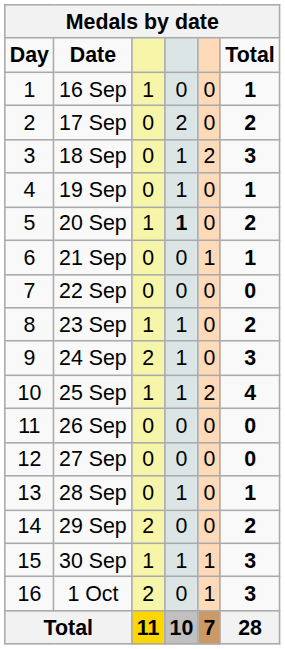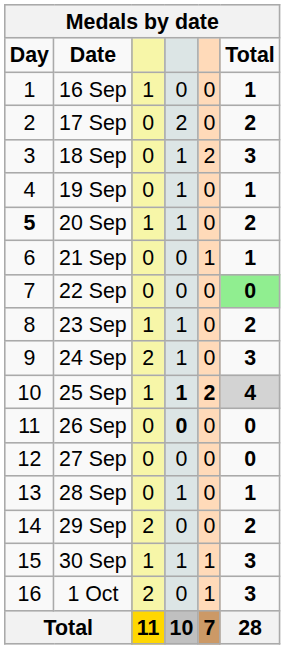 <table class="wikitable" style="font-size:85%; text-align:center;">
 <tr style="background:#efefef;">
 <th colspan=6><strong>Medals by date</strong></th>
 </tr>
 <tr>
 <td><strong>Day</strong></td>
 <td><strong>Date</strong></td>
 <td style="background:#F7F6A8;"></td>
 <td style="background:#DCE5E5;"></td>
 <td style="background:#FFDAB9;"></td>
 <td><strong>Total</strong></td>
 </tr>
 <tr>
 <td>1</td>
 <td>16 Sep</td>
 <td style="background:#F7F6A8;">1</td>
 <td style="background:#DCE5E5;">0</td>
 <td style="background:#FFDAB9;">0</td>
 <td><strong>1</strong></td>
 </tr>
 <tr>
 <td>2</td>
 <td>17 Sep</td>
 <td style="background:#F7F6A8;">0</td>
 <td style="background:#DCE5E5;">2</td>
 <td style="background:#FFDAB9;">0</td>
 <td><strong>2</strong></td>
 </tr>
 <tr>
 <td>3</td>
 <td>18 Sep</td>
 <td style="background:#F7F6A8;">0</td>
 <td style="background:#DCE5E5;">1</td>
 <td style="background:#FFDAB9;">2</td>
 <td><strong>3</strong></td>
 </tr>
 <tr>
 <td>4</td>
 <td>19 Sep</td>
 <td style="background:#F7F6A8;">0</td>
 <td style="background:#DCE5E5;">1</td>
 <td style="background:#FFDAB9;">0</td>
 <td><strong>1</strong></td>
 </tr>
 <tr>
-<td>5</td>
+<td><strong>5</strong></td>
 <td>20 Sep</td>
 <td style="background:#F7F6A8;">1</td>
-<td style="background:#DCE5E5;"><strong>1</strong></td>
+<td style="background:#DCE5E5;">1</td>
 <td style="background:#FFDAB9;">0</td>
 <td><strong>2</strong></td>
 </tr>
 <tr>
 <td>6</td>
 <td>21 Sep</td>
 <td style="background:#F7F6A8;">0</td>
 <td style="background:#DCE5E5;">0</td>
 <td style="background:#FFDAB9;">1</td>
 <td><strong>1</strong></td>
 </tr>
 <tr>
 <td>7</td>
 <td>22 Sep</td>
 <td style="background:#F7F6A8;">0</td>
 <td style="background:#DCE5E5;">0</td>
 <td style="background:#FFDAB9;">0</td>
-<td><strong>0</strong></td>
+<td style="background: lightgreen;"><strong>0</strong></td>
 </tr>
 <tr>
 <td>8</td>
 <td>23 Sep</td>
 <td style="background:#F7F6A8;">1</td>
 <td style="background:#DCE5E5;">1</td>
 <td style="background:#FFDAB9;">0</td>
 <td><strong>2</strong></td>
 </tr>
 <tr>
 <td>9</td>
 <td>24 Sep</td>
 <td style="background:#F7F6A8;">2</td>
 <td style="background:#DCE5E5;">1</td>
 <td style="background:#FFDAB9;">0</td>
 <td><strong>3</strong></td>
 </tr>
 <tr>
 <td>10</td>
 <td>25 Sep</td>
 <td style="background:#F7F6A8;">1</td>
-<td style="background:#DCE5E5;">1</td>
-<td style="background:#FFDAB9;">2</td>
-<td><strong>4</strong></td>
+<td style="background:#DCE5E5;"><strong>1</strong></td>
+<td style="background:#FFDAB9;"><strong>2</strong></td>
+<td style="background: lightgrey;"><strong>4</strong></td>
 </tr>
 <tr>
 <td>11</td>
 <td>26 Sep</td>
 <td style="background:#F7F6A8;">0</td>
-<td style="background:#DCE5E5;">0</td>
+<td style="background:#DCE5E5;"><strong>0</strong></td>
 <td style="background:#FFDAB9;">0</td>
 <td><strong>0</strong></td>
 </tr>
 <tr>
 <td>12</td>
 <td>27 Sep</td>
 <td style="background:#F7F6A8;">0</td>
 <td style="background:#DCE5E5;">0</td>
 <td style="background:#FFDAB9;">0</td>
 <td><strong>0</strong></td>
 </tr>
 <tr>
 <td>13</td>
 <td>28 Sep</td>
 <td style="background:#F7F6A8;">0</td>
 <td style="background:#DCE5E5;">1</td>
 <td style="background:#FFDAB9;">0</td>
 <td><strong>1</strong></td>
 </tr>
 <tr>
 <td>14</td>
 <td>29 Sep</td>
 <td style="background:#F7F6A8;">2</td>
 <td style="background:#DCE5E5;">0</td>
 <td style="background:#FFDAB9;">0</td>
 <td><strong>2</strong></td>
 </tr>
 <tr>
 <td>15</td>
 <td>30 Sep</td>
 <td style="background:#F7F6A8;">1</td>
 <td style="background:#DCE5E5;">1</td>
 <td style="background:#FFDAB9;">1</td>
 <td><strong>3</strong></td>
 </tr>
 <tr>
 <td>16</td>
 <td>1 Oct</td>
 <td style="background:#F7F6A8;">2</td>
 <td style="background:#DCE5E5;">0</td>
 <td style="background:#FFDAB9;">1</td>
 <td><strong>3</strong></td>
 </tr>
 <tr>
 <th colspan="2"><strong>Total</strong></th>
 <th style="background:gold;"><strong>11</strong></th>
 <th style="background:silver;"><strong>10</strong></th>
 <th style="background:#c96;"><strong>7</strong></th>
 <th><strong>28</strong></th>
 </tr>
 </table>
